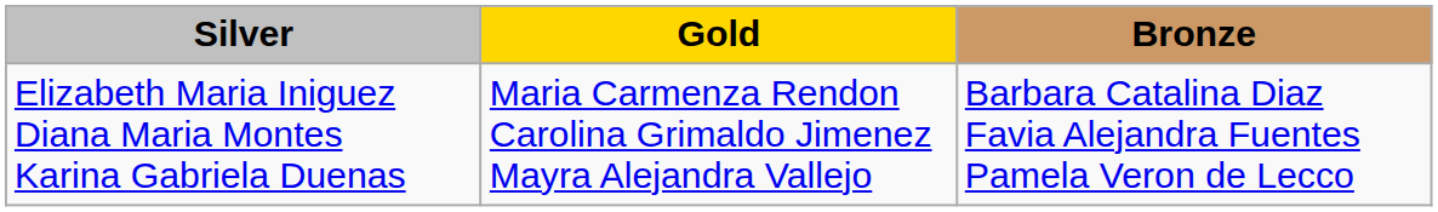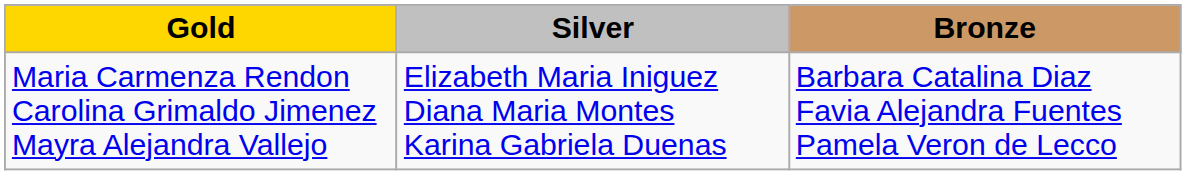 <table class="wikitable" style="text-align:left">
 <tr align="center">
+<td width=200 bgcolor=gold><strong>Gold</strong></td>
 <td width=200 bgcolor=silver><strong>Silver</strong></td>
-<td width=200 bgcolor=gold><strong>Gold</strong></td>
 <td width=200 bgcolor=CC9966><strong>Bronze</strong></td>
 </tr>
 <tr>
+<td><a href='#'>Maria Carmenza Rendon</a><br><a href='#'>Carolina Grimaldo Jimenez</a><br><a href='#'>Mayra Alejandra Vallejo</a><br><em></em></td>
 <td><a href='#'>Elizabeth Maria Iniguez</a><br><a href='#'>Diana Maria Montes</a><br><a href='#'>Karina Gabriela Duenas</a><br><em></em></td>
-<td><a href='#'>Maria Carmenza Rendon</a><br><a href='#'>Carolina Grimaldo Jimenez</a><br><a href='#'>Mayra Alejandra Vallejo</a><br><em></em></td>
 <td><a href='#'>Barbara Catalina Diaz</a><br><a href='#'>Favia Alejandra Fuentes</a><br><a href='#'>Pamela Veron de Lecco</a><br><em></em></td>
 </tr>
 </table>
